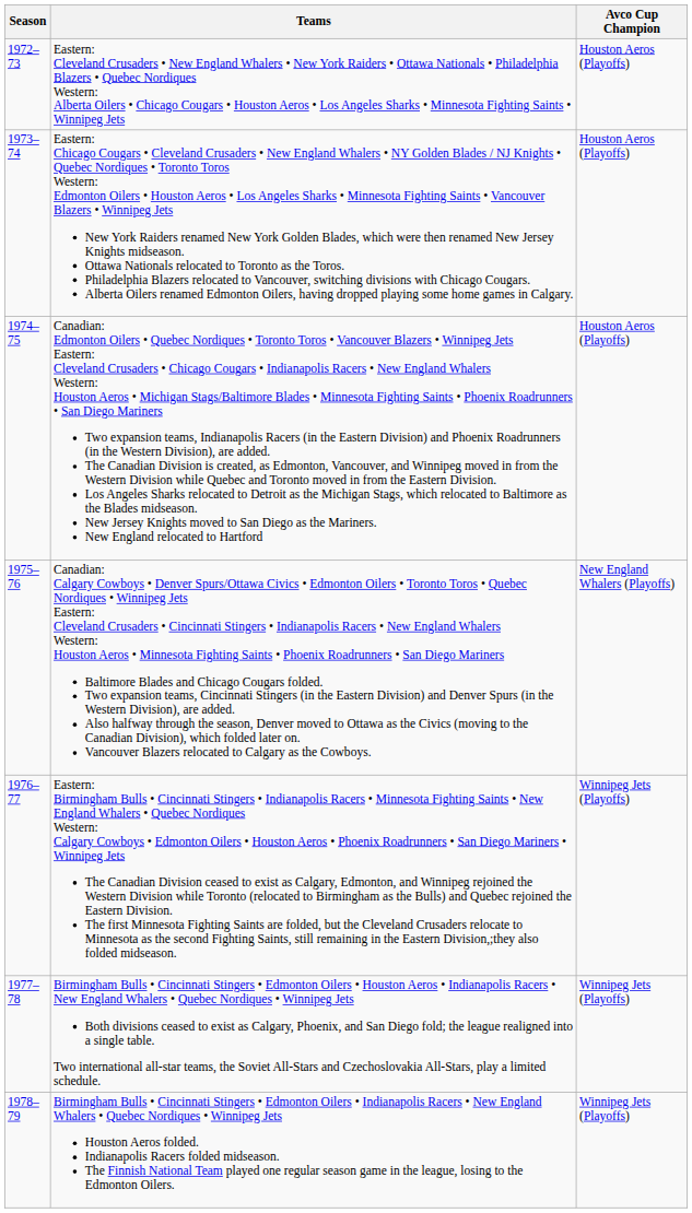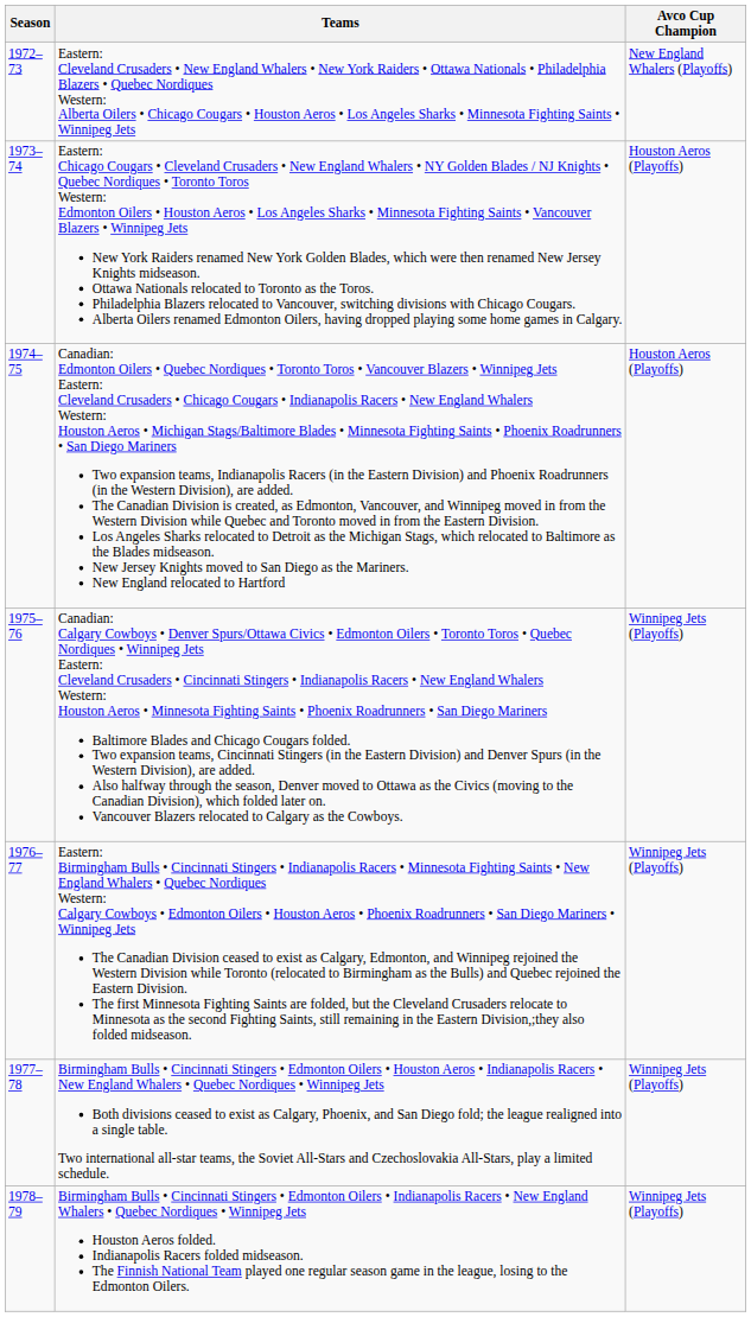 <table class="wikitable">
 <tr>
 <th>Season</th>
 <th>Teams</th>
 <th>Avco Cup Champion</th>
 </tr>
 <tr valign="top">
 <td><a href='#'>1972–73</a></td>
 <td>Eastern:<br><a href='#'>Cleveland Crusaders</a> • <a href='#'>New England Whalers</a> • <a href='#'>New York Raiders</a> • <a href='#'>Ottawa Nationals</a> • <a href='#'>Philadelphia Blazers</a> • <a href='#'>Quebec Nordiques</a><br>Western:<br><a href='#'>Alberta Oilers</a> • <a href='#'>Chicago Cougars</a> • <a href='#'>Houston Aeros</a> • <a href='#'>Los Angeles Sharks</a> • <a href='#'>Minnesota Fighting Saints</a> • <a href='#'>Winnipeg Jets</a></td>
-<td><a href='#'>Houston Aeros</a> (<a href='#'>Playoffs</a>)</td>
+<td><a href='#'>New England Whalers</a> (<a href='#'>Playoffs</a>)</td>
 </tr>
 <tr valign="top">
 <td><a href='#'>1973–74</a></td>
 <td>Eastern:<br><a href='#'>Chicago Cougars</a> • <a href='#'>Cleveland Crusaders</a> • <a href='#'>New England Whalers</a> • <a href='#'>NY Golden Blades / NJ Knights</a> • <a href='#'>Quebec Nordiques</a> • <a href='#'>Toronto Toros</a><br>Western:<br><a href='#'>Edmonton Oilers</a> • <a href='#'>Houston Aeros</a> • <a href='#'>Los Angeles Sharks</a> • <a href='#'>Minnesota Fighting Saints</a> • <a href='#'>Vancouver Blazers</a> • <a href='#'>Winnipeg Jets</a><br><ul><li>New York Raiders renamed New York Golden Blades, which were then renamed New Jersey Knights midseason.</li><li>Ottawa Nationals relocated to Toronto as the Toros.</li><li>Philadelphia Blazers relocated to Vancouver, switching divisions with Chicago Cougars.</li><li>Alberta Oilers renamed Edmonton Oilers, having dropped playing some home games in Calgary.</li></ul></td>
 <td><a href='#'>Houston Aeros</a> (<a href='#'>Playoffs</a>)</td>
 </tr>
 <tr valign="top">
 <td><a href='#'>1974–75</a></td>
 <td>Canadian:<br><a href='#'>Edmonton Oilers</a> • <a href='#'>Quebec Nordiques</a> • <a href='#'>Toronto Toros</a> • <a href='#'>Vancouver Blazers</a>  • <a href='#'>Winnipeg Jets</a><br>Eastern:<br><a href='#'>Cleveland Crusaders</a> • <a href='#'>Chicago Cougars</a> • <a href='#'>Indianapolis Racers</a> • <a href='#'>New England Whalers</a><br>Western:<br><a href='#'>Houston Aeros</a> • <a href='#'>Michigan Stags/Baltimore Blades</a> • <a href='#'>Minnesota Fighting Saints</a> • <a href='#'>Phoenix Roadrunners</a> • <a href='#'>San Diego Mariners</a><br><ul><li>Two expansion teams, Indianapolis Racers (in the Eastern Division) and Phoenix Roadrunners (in the Western Division), are added.</li><li>The Canadian Division is created, as Edmonton, Vancouver, and Winnipeg moved in from the Western Division while Quebec and Toronto moved in from the Eastern Division.</li><li>Los Angeles Sharks relocated to Detroit as the Michigan Stags, which relocated to Baltimore as the Blades midseason.</li><li>New Jersey Knights moved to San Diego as the Mariners.</li><li>New England relocated to Hartford</li></ul></td>
 <td><a href='#'>Houston Aeros</a> (<a href='#'>Playoffs</a>)</td>
 </tr>
 <tr valign="top">
 <td><a href='#'>1975–76</a> </td>
 <td>Canadian:<br><a href='#'>Calgary Cowboys</a> • <a href='#'>Denver Spurs/Ottawa Civics</a> • <a href='#'>Edmonton Oilers</a> • <a href='#'>Toronto Toros</a> • <a href='#'>Quebec Nordiques</a>  • <a href='#'>Winnipeg Jets</a><br>Eastern:<br><a href='#'>Cleveland Crusaders</a> • <a href='#'>Cincinnati Stingers</a> • <a href='#'>Indianapolis Racers</a> • <a href='#'>New England Whalers</a><br>Western:<br><a href='#'>Houston Aeros</a> • <a href='#'>Minnesota Fighting Saints</a> • <a href='#'>Phoenix Roadrunners</a> • <a href='#'>San Diego Mariners</a><br><ul><li>Baltimore Blades and Chicago Cougars folded.</li><li>Two expansion teams, Cincinnati Stingers (in the Eastern Division) and Denver Spurs (in the Western Division), are added.</li><li>Also halfway through the season, Denver moved to Ottawa as the Civics (moving to the Canadian Division), which folded later on.</li><li>Vancouver Blazers relocated to Calgary as the Cowboys.</li></ul></td>
-<td><a href='#'>New England Whalers</a> (<a href='#'>Playoffs</a>)</td>
+<td><a href='#'>Winnipeg Jets</a> (<a href='#'>Playoffs</a>)</td>
 </tr>
 <tr valign="top">
 <td><a href='#'>1976–77</a></td>
 <td>Eastern:<br><a href='#'>Birmingham Bulls</a> • <a href='#'>Cincinnati Stingers</a> • <a href='#'>Indianapolis Racers</a> • <a href='#'>Minnesota Fighting Saints</a> • <a href='#'>New England Whalers</a> • <a href='#'>Quebec Nordiques</a><br>Western:<br><a href='#'>Calgary Cowboys</a> • <a href='#'>Edmonton Oilers</a> • <a href='#'>Houston Aeros</a> • <a href='#'>Phoenix Roadrunners</a> • <a href='#'>San Diego Mariners</a> • <a href='#'>Winnipeg Jets</a><br><ul><li>The Canadian Division ceased to exist as Calgary, Edmonton, and Winnipeg rejoined the Western Division while Toronto (relocated to Birmingham as the Bulls) and Quebec rejoined the Eastern Division.</li><li>The first Minnesota Fighting Saints are folded, but the Cleveland Crusaders relocate to Minnesota as the second Fighting Saints, still remaining in the Eastern Division,;they also folded midseason.</li></ul></td>
 <td><a href='#'>Winnipeg Jets</a> (<a href='#'>Playoffs</a>)</td>
 </tr>
 <tr valign="top">
 <td><a href='#'>1977–78</a></td>
 <td><a href='#'>Birmingham Bulls</a> • <a href='#'>Cincinnati Stingers</a> • <a href='#'>Edmonton Oilers</a> • <a href='#'>Houston Aeros</a> • <a href='#'>Indianapolis Racers</a> • <a href='#'>New England Whalers</a> • <a href='#'>Quebec Nordiques</a> • <a href='#'>Winnipeg Jets</a><br><ul><li>Both divisions ceased to exist as Calgary, Phoenix, and San Diego fold; the league realigned into a single table.</li></ul>Two international all-star teams, the Soviet All-Stars and Czechoslovakia All-Stars, play a limited schedule.</td>
 <td><a href='#'>Winnipeg Jets</a> (<a href='#'>Playoffs</a>)</td>
 </tr>
 <tr valign="top">
 <td><a href='#'>1978–79</a></td>
 <td><a href='#'>Birmingham Bulls</a> • <a href='#'>Cincinnati Stingers</a> • <a href='#'>Edmonton Oilers</a> • <a href='#'>Indianapolis Racers</a> • <a href='#'>New England Whalers</a> • <a href='#'>Quebec Nordiques</a> • <a href='#'>Winnipeg Jets</a><br><ul><li>Houston Aeros folded.</li><li>Indianapolis Racers folded midseason.</li><li>The <a href='#'>Finnish National Team</a> played one regular season game in the league, losing to the Edmonton Oilers.</li></ul></td>
 <td><a href='#'>Winnipeg Jets</a> (<a href='#'>Playoffs</a>)</td>
 </tr>
 </table>
